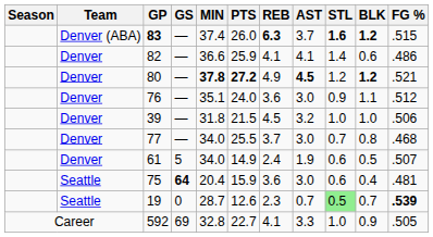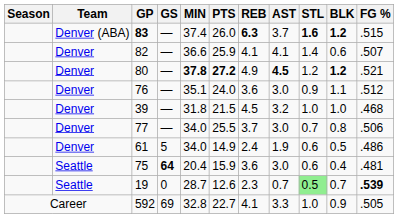 <table class="wikitable sortable">
 <tr>
 <th>Season</th>
 <th>Team</th>
 <th>GP</th>
 <th>GS</th>
 <th>MIN</th>
 <th>PTS</th>
 <th>REB</th>
 <th>AST</th>
 <th>STL</th>
 <th>BLK</th>
 <th>FG %</th>
 </tr>
 <tr>
 <td></td>
 <td><a href='#'>Denver</a> (ABA)</td>
 <td><strong>83</strong></td>
 <td>—</td>
 <td>37.4</td>
 <td>26.0</td>
 <td><strong>6.3</strong></td>
 <td>3.7</td>
 <td><strong>1.6</strong></td>
 <td><strong>1.2</strong></td>
 <td>.515</td>
 </tr>
 <tr>
 <td></td>
 <td><a href='#'>Denver</a></td>
 <td>82</td>
 <td>—</td>
 <td>36.6</td>
 <td>25.9</td>
 <td>4.1</td>
 <td>4.1</td>
 <td>1.4</td>
 <td>0.6</td>
-<td>.486</td>
+<td>.507</td>
 </tr>
 <tr>
 <td></td>
 <td><a href='#'>Denver</a></td>
 <td>80</td>
 <td>—</td>
 <td><strong>37.8</strong></td>
 <td><strong>27.2</strong></td>
 <td>4.9</td>
 <td><strong>4.5</strong></td>
 <td>1.2</td>
 <td><strong>1.2</strong></td>
 <td>.521</td>
 </tr>
 <tr>
 <td></td>
 <td><a href='#'>Denver</a></td>
 <td>76</td>
 <td>—</td>
 <td>35.1</td>
 <td>24.0</td>
 <td>3.6</td>
 <td>3.0</td>
 <td>0.9</td>
 <td>1.1</td>
 <td>.512</td>
 </tr>
 <tr>
 <td></td>
 <td><a href='#'>Denver</a></td>
 <td>39</td>
 <td>—</td>
 <td>31.8</td>
 <td>21.5</td>
 <td>4.5</td>
 <td>3.2</td>
 <td>1.0</td>
 <td>1.0</td>
-<td>.506</td>
+<td>.468</td>
 </tr>
 <tr>
 <td></td>
 <td><a href='#'>Denver</a></td>
 <td>77</td>
 <td>—</td>
 <td>34.0</td>
 <td>25.5</td>
 <td>3.7</td>
 <td>3.0</td>
 <td>0.7</td>
 <td>0.8</td>
-<td>.468</td>
+<td>.506</td>
 </tr>
 <tr>
 <td></td>
 <td><a href='#'>Denver</a></td>
 <td>61</td>
 <td>5</td>
 <td>34.0</td>
 <td>14.9</td>
 <td>2.4</td>
 <td>1.9</td>
 <td>0.6</td>
 <td>0.5</td>
-<td>.507</td>
+<td>.486</td>
 </tr>
 <tr>
 <td></td>
 <td><a href='#'>Seattle</a></td>
 <td>75</td>
 <td><strong>64</strong></td>
 <td>20.4</td>
 <td>15.9</td>
 <td>3.6</td>
 <td>3.0</td>
 <td>0.6</td>
 <td>0.4</td>
 <td>.481</td>
 </tr>
 <tr>
 <td></td>
 <td><a href='#'>Seattle</a></td>
 <td>19</td>
 <td>0</td>
 <td>28.7</td>
 <td>12.6</td>
 <td>2.3</td>
 <td>0.7</td>
 <td style="background: lightgreen;">0.5</td>
 <td>0.7</td>
 <td><strong>.539</strong></td>
 </tr>
 <tr class="sortbottom">
 <td style="text-align:center;" colspan=2>Career</td>
 <td>592</td>
 <td>69</td>
 <td>32.8</td>
 <td>22.7</td>
 <td>4.1</td>
 <td>3.3</td>
 <td>1.0</td>
 <td>0.9</td>
 <td>.505</td>
 </tr>
 </table>
